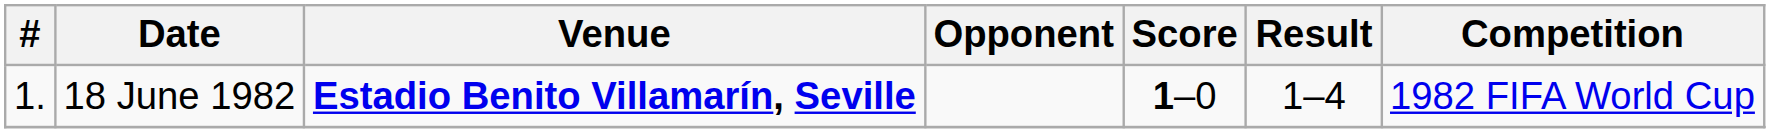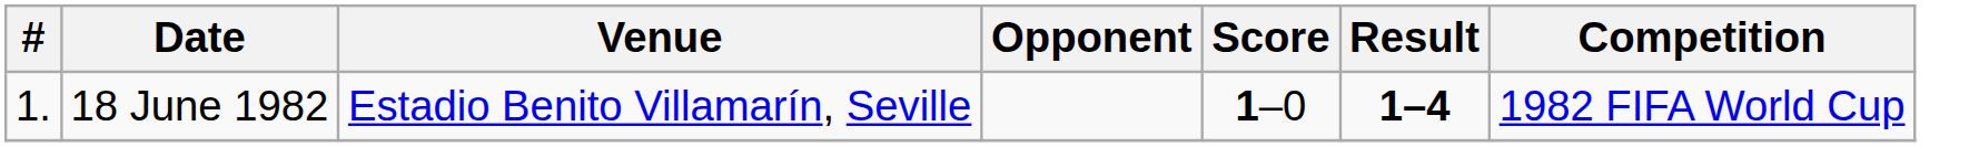 <table class="wikitable">
 <tr>
 <th>#</th>
 <th>Date</th>
 <th>Venue</th>
 <th>Opponent</th>
 <th>Score</th>
 <th>Result</th>
 <th>Competition</th>
 </tr>
 <tr>
 <td>1.</td>
 <td>18 June 1982</td>
-<td><strong><a href='#'>Estadio Benito Villamarín</a>, <a href='#'>Seville</a></strong></td>
+<td><a href='#'>Estadio Benito Villamarín</a>, <a href='#'>Seville</a></td>
 <td></td>
 <td align=center><strong>1</strong>–0</td>
-<td align=center>1–4</td>
+<td align=center><strong>1–4</strong></td>
 <td><a href='#'>1982 FIFA World Cup</a></td>
 </tr>
 <tr>
 </tr>
 </table>
